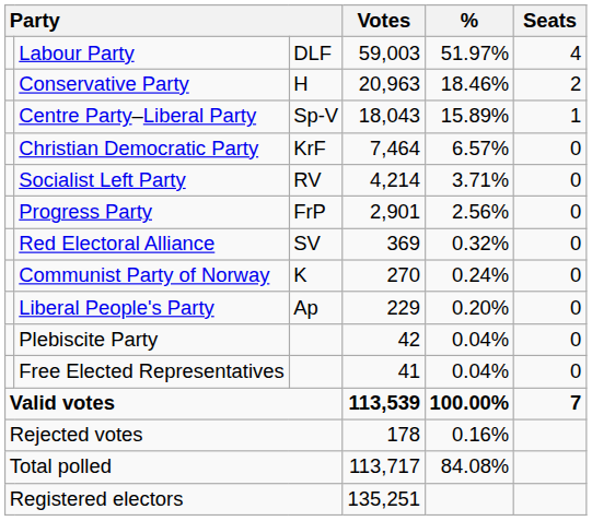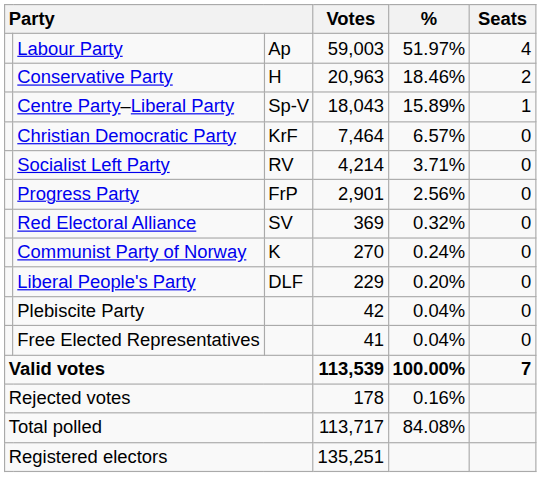 <table class="wikitable" border="1" style="text-align:right;">
 <tr>
 <th style="text-align:left;" colspan=3>Party</th>
 <th align=center width="50">Votes</th>
 <th align=center width="50">%</th>
 <th align=center width="50">Seats</th>
 </tr>
 <tr>
 <td style="color:inherit;background:"></td>
 <td align=left><a href='#'>Labour Party</a></td>
-<td align=left>DLF</td>
+<td align=left>Ap</td>
 <td>59,003</td>
 <td>51.97%</td>
 <td>4</td>
 </tr>
 <tr>
 <td style="color:inherit;background:"></td>
 <td align=left><a href='#'>Conservative Party</a></td>
 <td align=left>H</td>
 <td>20,963</td>
 <td>18.46%</td>
 <td>2</td>
 </tr>
 <tr>
 <td></td>
 <td align=left><a href='#'>Centre Party</a>–<a href='#'>Liberal Party</a></td>
 <td align=left>Sp-V</td>
 <td>18,043</td>
 <td>15.89%</td>
 <td>1</td>
 </tr>
 <tr>
 <td style="color:inherit;background:"></td>
 <td align=left><a href='#'>Christian Democratic Party</a></td>
 <td align=left>KrF</td>
 <td>7,464</td>
 <td>6.57%</td>
 <td>0</td>
 </tr>
 <tr>
 <td style="color:inherit;background:"></td>
 <td align=left><a href='#'>Socialist Left Party</a></td>
 <td align=left>RV</td>
 <td>4,214</td>
 <td>3.71%</td>
 <td>0</td>
 </tr>
 <tr>
 <td style="color:inherit;background:"></td>
 <td align=left><a href='#'>Progress Party</a></td>
 <td align=left>FrP</td>
 <td>2,901</td>
 <td>2.56%</td>
 <td>0</td>
 </tr>
 <tr>
 <td style="color:inherit;background:"></td>
 <td align=left><a href='#'>Red Electoral Alliance</a></td>
 <td align=left>SV</td>
 <td>369</td>
 <td>0.32%</td>
 <td>0</td>
 </tr>
 <tr>
 <td style="color:inherit;background:"></td>
 <td align=left><a href='#'>Communist Party of Norway</a></td>
 <td align=left>K</td>
 <td>270</td>
 <td>0.24%</td>
 <td>0</td>
 </tr>
 <tr>
 <td style="color:inherit;background:"></td>
 <td align=left><a href='#'>Liberal People's Party</a></td>
-<td align=left>Ap</td>
+<td align=left>DLF</td>
 <td>229</td>
 <td>0.20%</td>
 <td>0</td>
 </tr>
 <tr>
 <td></td>
 <td align=left>Plebiscite Party</td>
 <td align=left></td>
 <td>42</td>
 <td>0.04%</td>
 <td>0</td>
 </tr>
 <tr>
 <td></td>
 <td align=left>Free Elected Representatives</td>
 <td align=left></td>
 <td>41</td>
 <td>0.04%</td>
 <td>0</td>
 </tr>
 <tr style="font-weight:bold">
 <td align=left colspan=3>Valid votes</td>
 <td>113,539</td>
 <td>100.00%</td>
 <td>7</td>
 </tr>
 <tr>
 <td align=left colspan=3>Rejected votes</td>
 <td>178</td>
 <td>0.16%</td>
 <td></td>
 </tr>
 <tr>
 <td align=left colspan=3>Total polled</td>
 <td>113,717</td>
 <td>84.08%</td>
 <td></td>
 </tr>
 <tr>
 <td align=left colspan=3>Registered electors</td>
 <td>135,251</td>
 <td></td>
 <td></td>
 </tr>
 </table>
